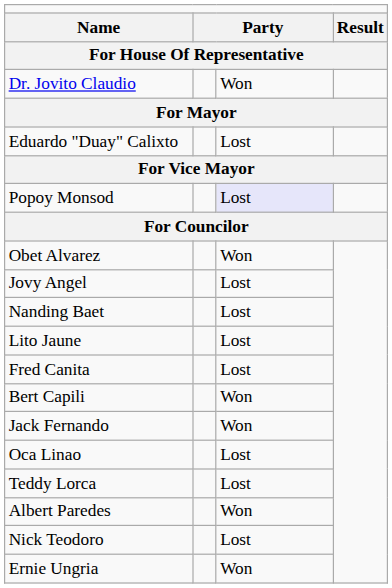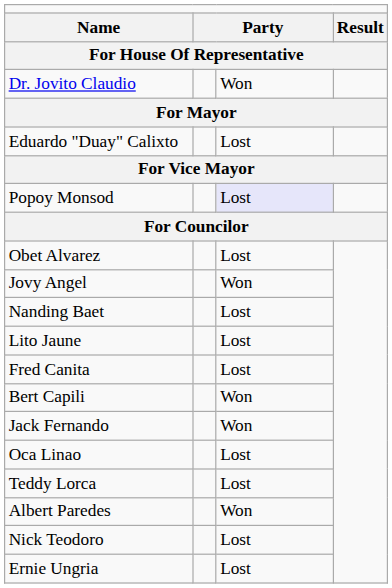 <table class="wikitable" style="font-size:90%">
 <tr>
 <td colspan="5"></td>
 </tr>
 <tr>
 <th width="150px">Name</th>
 <th colspan="2" width="110px">Party</th>
 <th>Result</th>
 </tr>
 <tr>
 <th colspan="5">For House Of Representative</th>
 </tr>
 <tr>
 <td><a href='#'>Dr. Jovito Claudio</a></td>
 <td></td>
 <td>Won</td>
 </tr>
 <tr>
 <th colspan="5">For Mayor</th>
 </tr>
 <tr>
 <td>Eduardo "Duay" Calixto</td>
 <td></td>
 <td>Lost</td>
 </tr>
 <tr>
 <th colspan="5">For Vice Mayor</th>
 </tr>
 <tr>
 <td>Popoy Monsod</td>
 <td></td>
 <td style="background: lavender;">Lost</td>
 </tr>
 <tr>
 <th colspan="5">For Councilor</th>
 </tr>
 <tr>
 <td>Obet Alvarez</td>
 <td></td>
-<td>Won</td>
+<td>Lost</td>
 </tr>
 <tr>
 <td>Jovy Angel</td>
 <td></td>
-<td>Lost</td>
+<td>Won</td>
 </tr>
 <tr>
 <td>Nanding Baet</td>
 <td></td>
 <td>Lost</td>
 </tr>
 <tr>
 <td>Lito Jaune</td>
 <td></td>
 <td>Lost</td>
 </tr>
 <tr>
 <td>Fred Canita</td>
 <td></td>
 <td>Lost</td>
 </tr>
 <tr>
 <td>Bert Capili</td>
 <td></td>
 <td>Won</td>
 </tr>
 <tr>
 <td>Jack Fernando</td>
 <td></td>
 <td>Won</td>
 </tr>
 <tr>
 <td>Oca Linao</td>
 <td></td>
 <td>Lost</td>
 </tr>
 <tr>
 <td>Teddy Lorca</td>
 <td></td>
 <td>Lost</td>
 </tr>
 <tr>
 <td>Albert Paredes</td>
 <td></td>
 <td>Won</td>
 </tr>
 <tr>
 <td>Nick Teodoro</td>
 <td></td>
 <td>Lost</td>
 </tr>
 <tr>
 <td>Ernie Ungria</td>
 <td></td>
-<td>Won</td>
+<td>Lost</td>
 </tr>
 </table>
